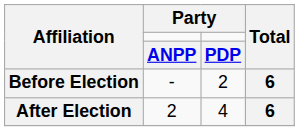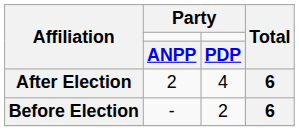 <table class="wikitable" style="text-align:center">
 <tr>
 <th rowspan="3">Affiliation</th>
 <th colspan="2">Party</th>
 <th rowspan="3">Total</th>
 </tr>
 <tr>
 <td style="background-color:"></td>
 <td style="background-color:"></td>
 </tr>
 <tr>
 <th><a href='#'>ANPP</a></th>
 <th><a href='#'>PDP</a></th>
 </tr>
 <tr>
+<th>After Election</th>
+<td>2</td>
+<td>4</td>
+<th>6</th>
+</tr>
+<tr>
 <th>Before Election</th>
 <td>-</td>
 <td>2</td>
 <th>6</th>
 </tr>
 <tr>
-<th>After Election</th>
-<td>2</td>
-<td>4</td>
-<th>6</th>
-</tr>
-<tr>
 </tr>
 </table>
